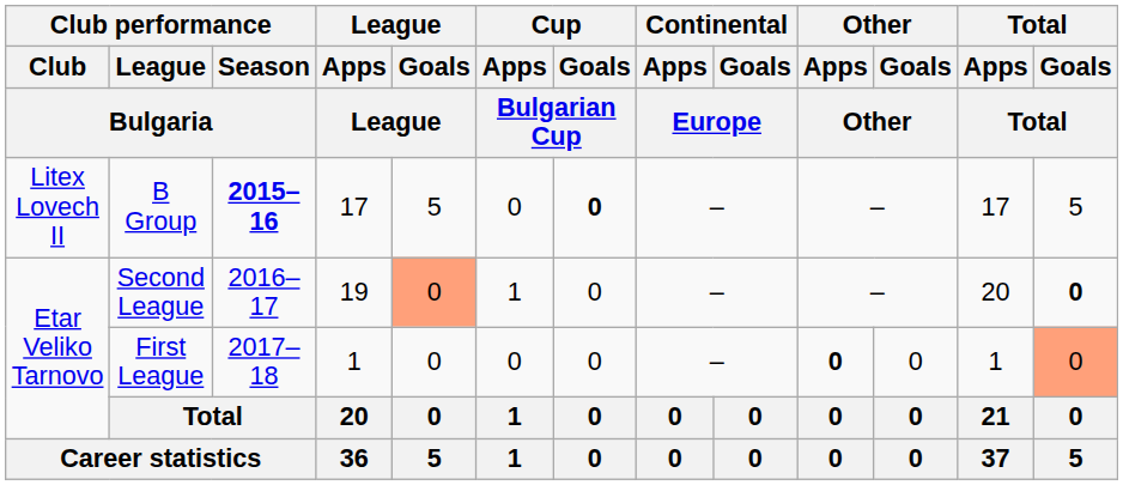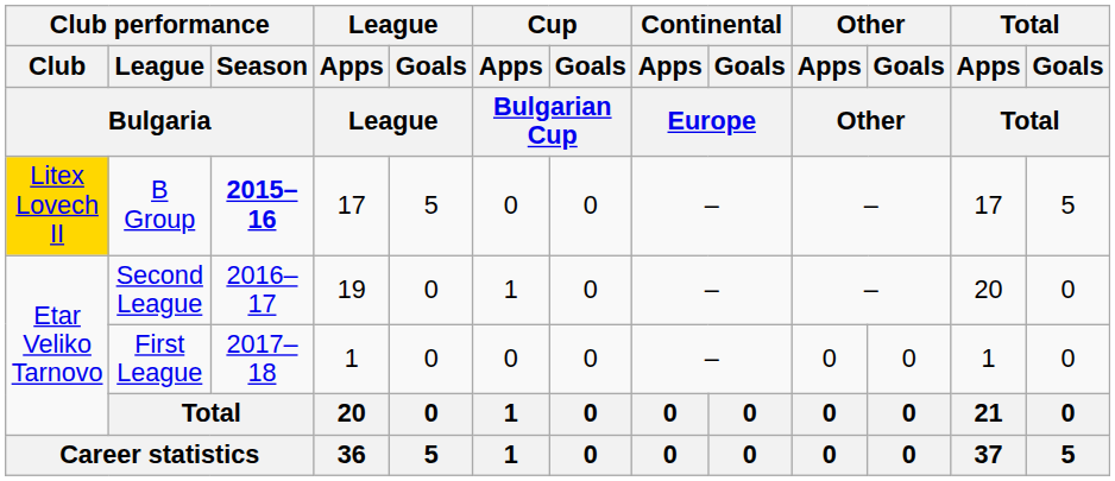 <table class="wikitable" style="text-align: center">
 <tr>
 <th Colspan="3">Club performance</th>
 <th Colspan="2">League</th>
 <th Colspan="2">Cup</th>
 <th Colspan="2">Continental</th>
 <th Colspan="2">Other</th>
 <th Colspan="3">Total</th>
 </tr>
 <tr>
 <th>Club</th>
 <th>League</th>
 <th>Season</th>
 <th>Apps</th>
 <th>Goals</th>
 <th>Apps</th>
 <th>Goals</th>
 <th>Apps</th>
 <th>Goals</th>
 <th>Apps</th>
 <th>Goals</th>
 <th>Apps</th>
 <th>Goals</th>
 </tr>
 <tr>
 <th Colspan="3">Bulgaria</th>
 <th Colspan="2">League</th>
 <th Colspan="2"><a href='#'>Bulgarian Cup</a></th>
 <th Colspan="2"><a href='#'>Europe</a></th>
 <th Colspan="2">Other</th>
 <th Colspan="2">Total</th>
 </tr>
 <tr>
-<td rowspan="1" valign="center"><a href='#'>Litex Lovech II</a></td>
+<td rowspan="1" valign="center" style="background: gold;"><a href='#'>Litex Lovech II</a></td>
 <td rowspan="1"><a href='#'>B Group</a></td>
 <td><strong><a href='#'>2015–16</a></strong></td>
 <td>17</td>
 <td>5</td>
 <td>0</td>
-<td><strong>0</strong></td>
+<td>0</td>
 <td colspan="2">–</td>
 <td colspan="2">–</td>
 <td>17</td>
 <td>5</td>
 </tr>
 <tr>
 <td rowspan="3" valign="center"><a href='#'>Etar Veliko Tarnovo</a></td>
 <td rowspan="1"><a href='#'>Second League</a></td>
 <td><a href='#'>2016–17</a></td>
 <td>19</td>
-<td style="background: lightsalmon;">0</td>
+<td>0</td>
 <td>1</td>
 <td>0</td>
 <td colspan="2">–</td>
 <td colspan="2">–</td>
 <td>20</td>
-<td><strong>0</strong></td>
+<td>0</td>
 </tr>
 <tr>
 <td rowspan="1"><a href='#'>First League</a></td>
 <td><a href='#'>2017–18</a></td>
 <td>1</td>
 <td>0</td>
 <td>0</td>
 <td>0</td>
 <td colspan="2">–</td>
-<td><strong>0</strong></td>
+<td>0</td>
 <td>0</td>
 <td>1</td>
-<td style="background: lightsalmon;">0</td>
+<td>0</td>
 </tr>
 <tr>
 <th colspan=2>Total</th>
 <th>20</th>
 <th>0</th>
 <th>1</th>
 <th>0</th>
 <th>0</th>
 <th>0</th>
 <th>0</th>
 <th>0</th>
 <th>21</th>
 <th>0</th>
 </tr>
 <tr>
 <th colspan="3">Career statistics</th>
 <th>36</th>
 <th>5</th>
 <th>1</th>
 <th>0</th>
 <th>0</th>
 <th>0</th>
 <th>0</th>
 <th>0</th>
 <th>37</th>
 <th>5</th>
 </tr>
 </table>
